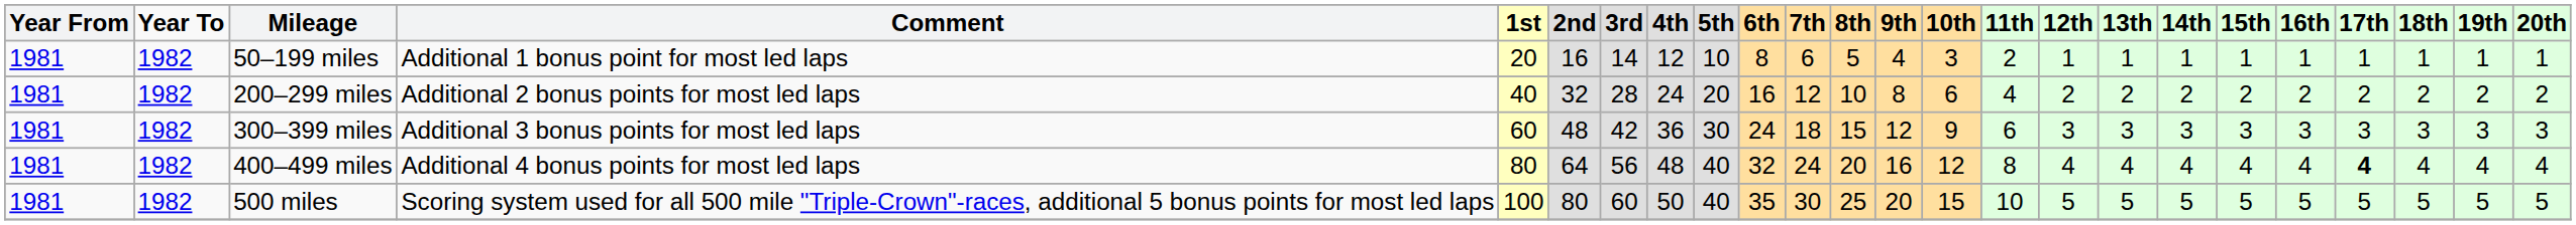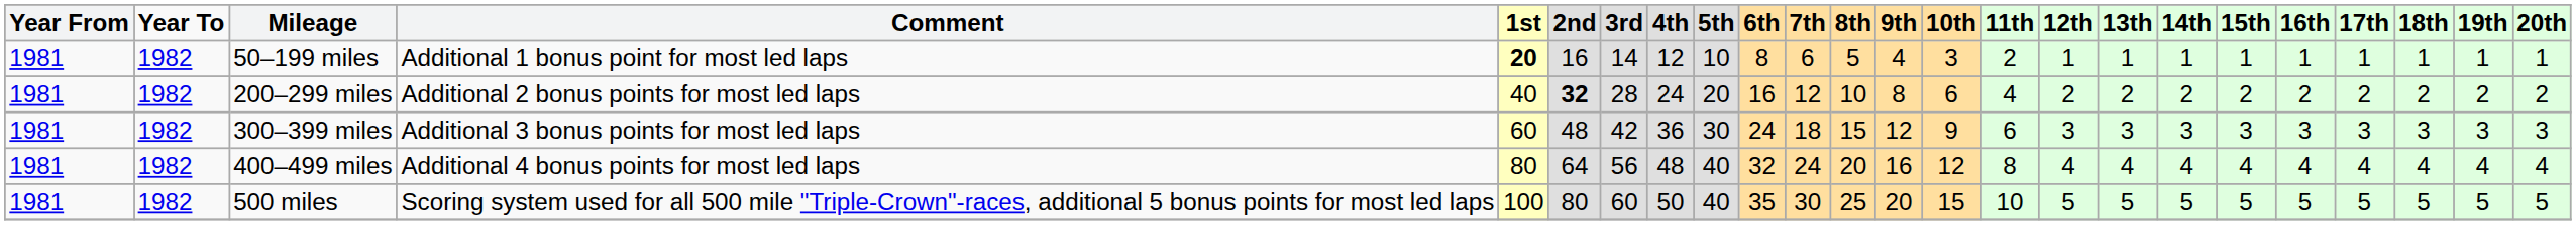 <table border="2" cellpadding="2" cellspacing="0" style="margin:0 1em 0 0; background:#f9f9f9; border:1px #aaa solid; border-collapse:collapse; font-size:85%;">
 <tr>
 <th bgcolor=f2f3f4>Year From</th>
 <th>Year To</th>
 <th bgcolor="f2f3f4">Mileage</th>
 <th bgcolor=f2f3f4>Comment</th>
 <td bgcolor=ffffbf align="center"><strong>1st</strong></td>
 <td bgcolor=dfdfdf align="center"><strong>2nd</strong></td>
 <td bgcolor=dfdfdf align="center"><strong>3rd</strong></td>
 <td bgcolor=dfdfdf align="center"><strong>4th</strong></td>
 <td bgcolor=dfdfdf align="center"><strong>5th</strong></td>
 <td bgcolor=ffdf9f align="center"><strong>6th</strong></td>
 <td bgcolor=ffdf9f align="center"><strong>7th</strong></td>
 <td bgcolor=ffdf9f align="center"><strong>8th</strong></td>
 <td bgcolor=ffdf9f align="center"><strong>9th</strong></td>
 <td bgcolor=ffdf9f align="center"><strong>10th</strong></td>
 <td bgcolor=dfffdf align="center"><strong>11th</strong></td>
 <td bgcolor=dfffdf align="center"><strong>12th</strong></td>
 <td bgcolor=dfffdf align="center"><strong>13th</strong></td>
 <td bgcolor=dfffdf align="center"><strong>14th</strong></td>
 <td bgcolor=dfffdf align="center"><strong>15th</strong></td>
 <td bgcolor=dfffdf align="center"><strong>16th</strong></td>
 <td bgcolor=dfffdf align="center"><strong>17th</strong></td>
 <td bgcolor=dfffdf align="center"><strong>18th</strong></td>
 <td bgcolor=dfffdf align="center"><strong>19th</strong></td>
 <td bgcolor=dfffdf align="center"><strong>20th</strong></td>
 </tr>
 <tr>
 <td><a href='#'>1981</a></td>
 <td><a href='#'>1982</a></td>
 <td>50–199 miles</td>
 <td>Additional 1 bonus point for most led laps</td>
-<td bgcolor=ffffbf align="center">20</td>
+<td bgcolor=ffffbf align="center"><strong>20</strong></td>
 <td bgcolor=dfdfdf align="center">16</td>
 <td bgcolor=dfdfdf align="center">14</td>
 <td bgcolor=dfdfdf align="center">12</td>
 <td bgcolor=dfdfdf align="center">10</td>
 <td bgcolor=ffdf9f align="center">8</td>
 <td bgcolor=ffdf9f align="center">6</td>
 <td bgcolor=ffdf9f align="center">5</td>
 <td bgcolor=ffdf9f align="center">4</td>
 <td bgcolor=ffdf9f align="center">3</td>
 <td bgcolor=dfffdf align="center">2</td>
 <td bgcolor=dfffdf align="center">1</td>
 <td bgcolor=dfffdf align="center">1</td>
 <td bgcolor=dfffdf align="center">1</td>
 <td bgcolor=dfffdf align="center">1</td>
 <td bgcolor=dfffdf align="center">1</td>
 <td bgcolor=dfffdf align="center">1</td>
 <td bgcolor=dfffdf align="center">1</td>
 <td bgcolor=dfffdf align="center">1</td>
 <td bgcolor=dfffdf align="center">1</td>
 </tr>
 <tr>
 <td><a href='#'>1981</a></td>
 <td><a href='#'>1982</a></td>
 <td>200–299 miles</td>
 <td>Additional 2 bonus points for most led laps</td>
 <td bgcolor=ffffbf align="center">40</td>
-<td bgcolor=dfdfdf align="center">32</td>
+<td bgcolor=dfdfdf align="center"><strong>32</strong></td>
 <td bgcolor=dfdfdf align="center">28</td>
 <td bgcolor=dfdfdf align="center">24</td>
 <td bgcolor=dfdfdf align="center">20</td>
 <td bgcolor=ffdf9f align="center">16</td>
 <td bgcolor=ffdf9f align="center">12</td>
 <td bgcolor=ffdf9f align="center">10</td>
 <td bgcolor=ffdf9f align="center">8</td>
 <td bgcolor=ffdf9f align="center">6</td>
 <td bgcolor=dfffdf align="center">4</td>
 <td bgcolor=dfffdf align="center">2</td>
 <td bgcolor=dfffdf align="center">2</td>
 <td bgcolor=dfffdf align="center">2</td>
 <td bgcolor=dfffdf align="center">2</td>
 <td bgcolor=dfffdf align="center">2</td>
 <td bgcolor=dfffdf align="center">2</td>
 <td bgcolor=dfffdf align="center">2</td>
 <td bgcolor=dfffdf align="center">2</td>
 <td bgcolor=dfffdf align="center">2</td>
 </tr>
 <tr>
 <td><a href='#'>1981</a></td>
 <td><a href='#'>1982</a></td>
 <td>300–399 miles</td>
 <td>Additional 3 bonus points for most led laps</td>
 <td bgcolor=ffffbf align="center">60</td>
 <td bgcolor=dfdfdf align="center">48</td>
 <td bgcolor=dfdfdf align="center">42</td>
 <td bgcolor=dfdfdf align="center">36</td>
 <td bgcolor=dfdfdf align="center">30</td>
 <td bgcolor=ffdf9f align="center">24</td>
 <td bgcolor=ffdf9f align="center">18</td>
 <td bgcolor=ffdf9f align="center">15</td>
 <td bgcolor=ffdf9f align="center">12</td>
 <td bgcolor=ffdf9f align="center">9</td>
 <td bgcolor=dfffdf align="center">6</td>
 <td bgcolor=dfffdf align="center">3</td>
 <td bgcolor=dfffdf align="center">3</td>
 <td bgcolor=dfffdf align="center">3</td>
 <td bgcolor=dfffdf align="center">3</td>
 <td bgcolor=dfffdf align="center">3</td>
 <td bgcolor=dfffdf align="center">3</td>
 <td bgcolor=dfffdf align="center">3</td>
 <td bgcolor=dfffdf align="center">3</td>
 <td bgcolor=dfffdf align="center">3</td>
 </tr>
 <tr>
 <td><a href='#'>1981</a></td>
 <td><a href='#'>1982</a></td>
 <td>400–499 miles</td>
 <td>Additional 4 bonus points for most led laps</td>
 <td bgcolor=ffffbf align="center">80</td>
 <td bgcolor=dfdfdf align="center">64</td>
 <td bgcolor=dfdfdf align="center">56</td>
 <td bgcolor=dfdfdf align="center">48</td>
 <td bgcolor=dfdfdf align="center">40</td>
 <td bgcolor=ffdf9f align="center">32</td>
 <td bgcolor=ffdf9f align="center">24</td>
 <td bgcolor=ffdf9f align="center">20</td>
 <td bgcolor=ffdf9f align="center">16</td>
 <td bgcolor=ffdf9f align="center">12</td>
 <td bgcolor=dfffdf align="center">8</td>
 <td bgcolor=dfffdf align="center">4</td>
 <td bgcolor=dfffdf align="center">4</td>
 <td bgcolor=dfffdf align="center">4</td>
 <td bgcolor=dfffdf align="center">4</td>
 <td bgcolor=dfffdf align="center">4</td>
-<td bgcolor=dfffdf align="center"><strong>4</strong></td>
+<td bgcolor=dfffdf align="center">4</td>
 <td bgcolor=dfffdf align="center">4</td>
 <td bgcolor=dfffdf align="center">4</td>
 <td bgcolor=dfffdf align="center">4</td>
 </tr>
 <tr>
 <td><a href='#'>1981</a></td>
 <td><a href='#'>1982</a></td>
 <td>500 miles</td>
 <td>Scoring system used for all 500 mile <a href='#'>"Triple-Crown"-races</a>, additional 5 bonus points for most led laps</td>
 <td bgcolor=ffffbf align="center">100</td>
 <td bgcolor=dfdfdf align="center">80</td>
 <td bgcolor=dfdfdf align="center">60</td>
 <td bgcolor=dfdfdf align="center">50</td>
 <td bgcolor=dfdfdf align="center">40</td>
 <td bgcolor=ffdf9f align="center">35</td>
 <td bgcolor=ffdf9f align="center">30</td>
 <td bgcolor=ffdf9f align="center">25</td>
 <td bgcolor=ffdf9f align="center">20</td>
 <td bgcolor=ffdf9f align="center">15</td>
 <td bgcolor=dfffdf align="center">10</td>
 <td bgcolor=dfffdf align="center">5</td>
 <td bgcolor=dfffdf align="center">5</td>
 <td bgcolor=dfffdf align="center">5</td>
 <td bgcolor=dfffdf align="center">5</td>
 <td bgcolor=dfffdf align="center">5</td>
 <td bgcolor=dfffdf align="center">5</td>
 <td bgcolor=dfffdf align="center">5</td>
 <td bgcolor=dfffdf align="center">5</td>
 <td bgcolor=dfffdf align="center">5</td>
 </tr>
 <tr>
 </tr>
 </table>
